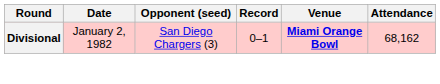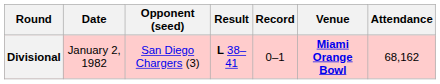 <table class="wikitable" style="text-align:center">
 <tr>
 <th>Round</th>
 <th>Date</th>
 <th>Opponent (seed)</th>
+<th>Result</th>
 <th>Record</th>
 <th>Venue</th>
 <th>Attendance</th>
 </tr>
 <tr style="background:#fcc">
 <th>Divisional</th>
 <td>January 2, 1982</td>
 <td><a href='#'>San Diego Chargers</a> (3)</td>
+<td><strong>L</strong> <a href='#'>38–41</a> </td>
 <td>0–1</td>
 <td><strong><a href='#'>Miami Orange Bowl</a></strong></td>
 <td>68,162</td>
 </tr>
 </table>
